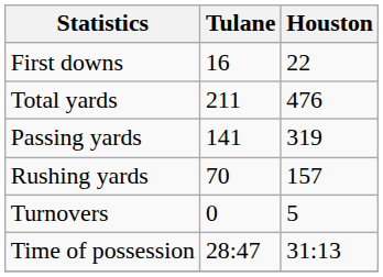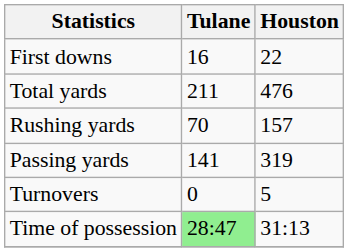 <table class="wikitable">
 <tr>
 <th>Statistics</th>
 <th>Tulane</th>
 <th>Houston</th>
 </tr>
 <tr>
 <td>First downs</td>
 <td>16</td>
 <td>22</td>
 </tr>
 <tr>
 <td>Total yards</td>
 <td>211</td>
 <td>476</td>
 </tr>
 <tr>
+<td>Rushing yards</td>
+<td>70</td>
+<td>157</td>
+</tr>
+<tr>
 <td>Passing yards</td>
 <td>141</td>
 <td>319</td>
-</tr>
-<tr>
-<td>Rushing yards</td>
-<td>70</td>
-<td>157</td>
 </tr>
 <tr>
 <td>Turnovers</td>
 <td>0</td>
 <td>5</td>
 </tr>
 <tr>
 <td>Time of possession</td>
-<td>28:47</td>
+<td style="background: lightgreen;">28:47</td>
 <td>31:13</td>
 </tr>
 <tr>
 </tr>
 </table>
